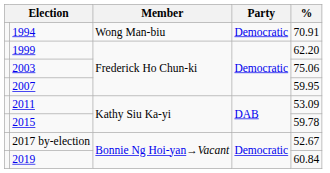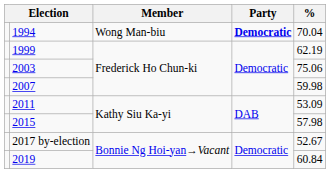 <table class="wikitable">
 <tr>
 <th colspan="2">Election</th>
 <th>Member</th>
 <th>Party</th>
 <th>%</th>
 </tr>
 <tr>
 <td style="background-color: "></td>
 <td><a href='#'>1994</a></td>
 <td>Wong Man-biu</td>
-<td><a href='#'>Democratic</a></td>
-<td>70.91</td>
+<td><strong><a href='#'>Democratic</a></strong></td>
+<td>70.04</td>
 </tr>
 <tr>
 <td style="background-color: "></td>
 <td><a href='#'>1999</a></td>
 <td rowspan=3>Frederick Ho Chun-ki</td>
 <td rowspan=3><a href='#'>Democratic</a></td>
-<td>62.20</td>
+<td>62.19</td>
 </tr>
 <tr>
 <td style="background-color: "></td>
 <td><a href='#'>2003</a></td>
 <td>75.06</td>
 </tr>
 <tr>
 <td style="background-color: "></td>
 <td><a href='#'>2007</a></td>
-<td>59.95</td>
+<td>59.98</td>
 </tr>
 <tr>
 <td style="background-color: "></td>
 <td><a href='#'>2011</a></td>
 <td rowspan=2>Kathy Siu Ka-yi</td>
 <td rowspan=2><a href='#'>DAB</a></td>
 <td>53.09</td>
 </tr>
 <tr>
 <td style="background-color: "></td>
 <td><a href='#'>2015</a></td>
-<td>59.78</td>
+<td>57.98</td>
 </tr>
 <tr>
 <td style="background-color: "></td>
 <td>2017 by-election</td>
 <td rowspan=2><a href='#'>Bonnie Ng Hoi-yan</a>→<em>Vacant</em></td>
 <td rowspan=2><a href='#'>Democratic</a></td>
 <td>52.67</td>
 </tr>
 <tr>
 <td style="background-color: "></td>
 <td><a href='#'>2019</a></td>
 <td>60.84</td>
 </tr>
 </table>
